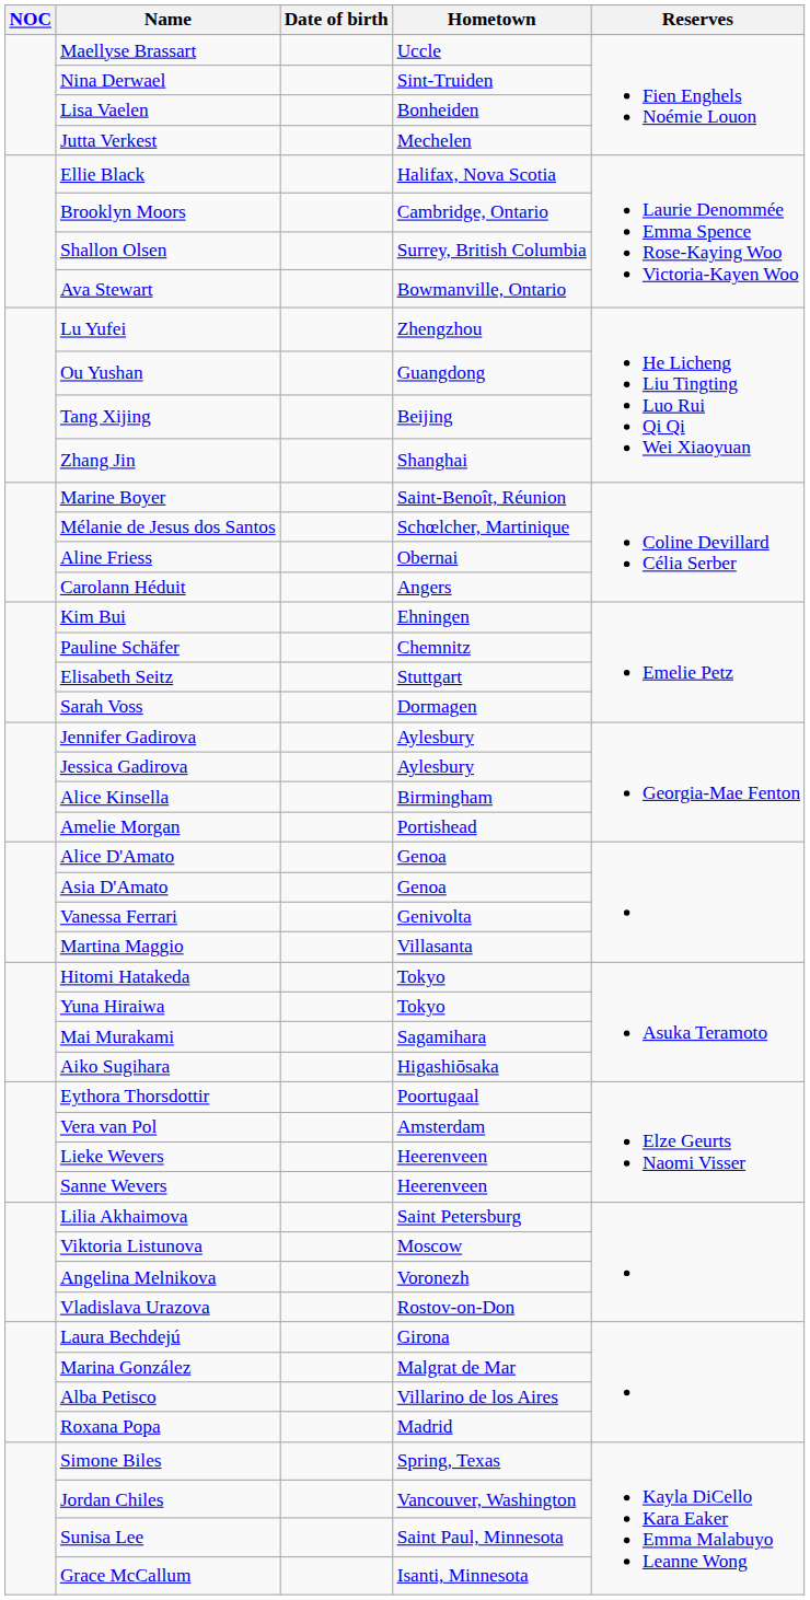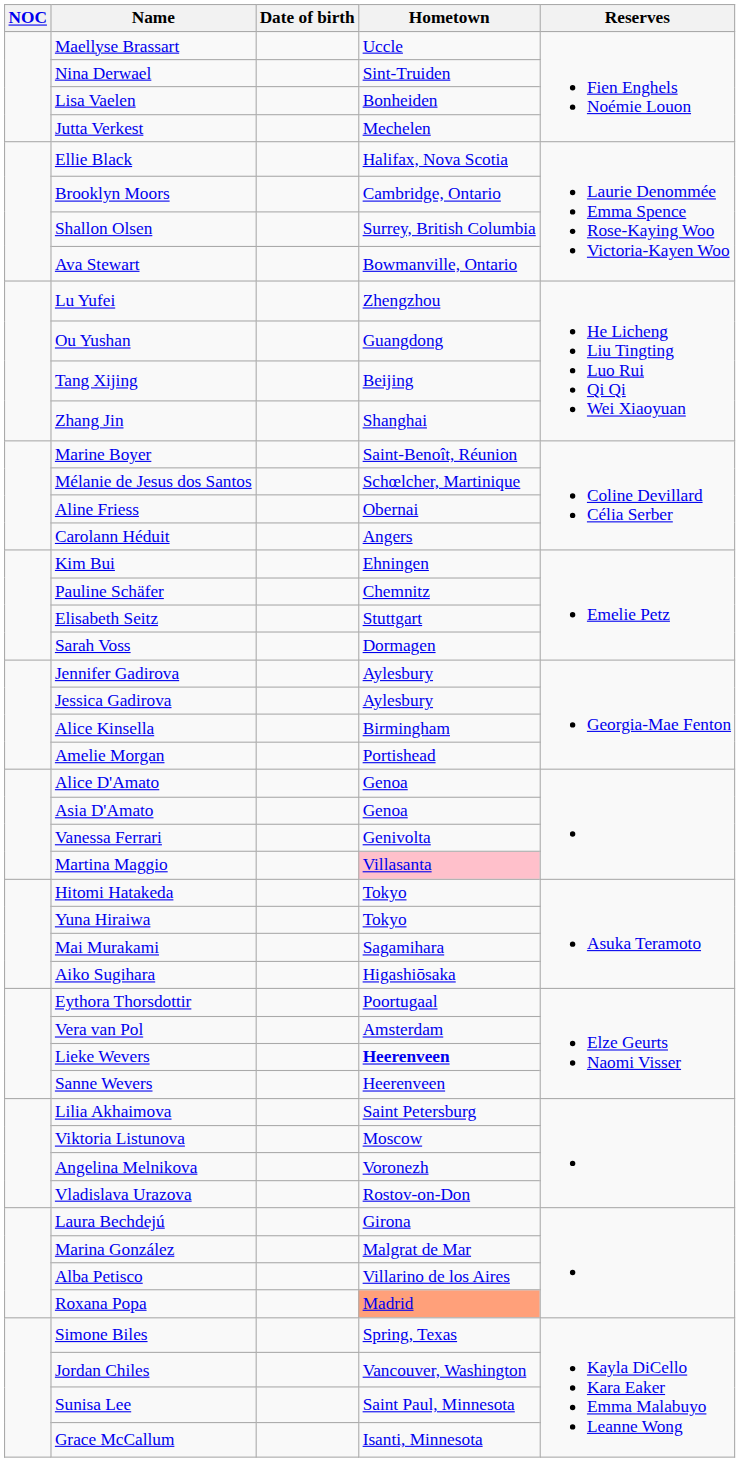 <table class="wikitable sortable">
 <tr>
 <th><a href='#'>NOC</a></th>
 <th>Name</th>
 <th>Date of birth</th>
 <th>Hometown</th>
 <th>Reserves</th>
 </tr>
 <tr>
 <td rowspan="4"></td>
 <td><a href='#'>Maellyse Brassart</a></td>
 <td></td>
 <td><a href='#'>Uccle</a></td>
 <td rowspan="4"><br><ul><li><a href='#'>Fien Enghels</a></li><li><a href='#'>Noémie Louon</a></li></ul></td>
 </tr>
 <tr>
 <td><a href='#'>Nina Derwael</a></td>
 <td></td>
 <td><a href='#'>Sint-Truiden</a></td>
 </tr>
 <tr>
 <td><a href='#'>Lisa Vaelen</a></td>
 <td></td>
 <td><a href='#'>Bonheiden</a></td>
 </tr>
 <tr>
 <td><a href='#'>Jutta Verkest</a></td>
 <td></td>
 <td><a href='#'>Mechelen</a></td>
 </tr>
 <tr>
 <td rowspan="4"></td>
 <td><a href='#'>Ellie Black</a></td>
 <td></td>
 <td><a href='#'>Halifax, Nova Scotia</a></td>
 <td rowspan="4"><br><ul><li><a href='#'>Laurie Denommée</a></li><li><a href='#'>Emma Spence</a></li><li><a href='#'>Rose-Kaying Woo</a></li><li><a href='#'>Victoria-Kayen Woo</a></li></ul></td>
 </tr>
 <tr>
 <td><a href='#'>Brooklyn Moors</a></td>
 <td></td>
 <td><a href='#'>Cambridge, Ontario</a></td>
 </tr>
 <tr>
 <td><a href='#'>Shallon Olsen</a></td>
 <td></td>
 <td><a href='#'>Surrey, British Columbia</a></td>
 </tr>
 <tr>
 <td><a href='#'>Ava Stewart</a></td>
 <td></td>
 <td><a href='#'>Bowmanville, Ontario</a></td>
 </tr>
 <tr>
 <td rowspan="4"></td>
 <td><a href='#'>Lu Yufei</a></td>
 <td></td>
 <td><a href='#'>Zhengzhou</a></td>
 <td rowspan="4"><br><ul><li><a href='#'>He Licheng</a></li><li><a href='#'>Liu Tingting</a></li><li><a href='#'>Luo Rui</a></li><li><a href='#'>Qi Qi</a></li><li><a href='#'>Wei Xiaoyuan</a></li></ul></td>
 </tr>
 <tr>
 <td><a href='#'>Ou Yushan</a></td>
 <td></td>
 <td><a href='#'>Guangdong</a></td>
 </tr>
 <tr>
 <td><a href='#'>Tang Xijing</a></td>
 <td></td>
 <td><a href='#'>Beijing</a></td>
 </tr>
 <tr>
 <td><a href='#'> Zhang Jin</a></td>
 <td></td>
 <td><a href='#'>Shanghai</a></td>
 </tr>
 <tr>
 <td rowspan="4"></td>
 <td><a href='#'>Marine Boyer</a></td>
 <td></td>
 <td><a href='#'>Saint-Benoît, Réunion</a></td>
 <td rowspan="4"><br><ul><li><a href='#'>Coline Devillard</a></li><li><a href='#'>Célia Serber</a></li></ul></td>
 </tr>
 <tr>
 <td><a href='#'>Mélanie de Jesus dos Santos</a></td>
 <td></td>
 <td><a href='#'>Schœlcher, Martinique</a></td>
 </tr>
 <tr>
 <td><a href='#'>Aline Friess</a></td>
 <td></td>
 <td><a href='#'>Obernai</a></td>
 </tr>
 <tr>
 <td><a href='#'>Carolann Héduit</a></td>
 <td></td>
 <td><a href='#'>Angers</a></td>
 </tr>
 <tr>
 <td rowspan="4"></td>
 <td><a href='#'>Kim Bui</a></td>
 <td></td>
 <td><a href='#'>Ehningen</a></td>
 <td rowspan="4"><br><ul><li><a href='#'>Emelie Petz</a></li></ul></td>
 </tr>
 <tr>
 <td><a href='#'>Pauline Schäfer</a></td>
 <td></td>
 <td><a href='#'>Chemnitz</a></td>
 </tr>
 <tr>
 <td><a href='#'>Elisabeth Seitz</a></td>
 <td></td>
 <td><a href='#'>Stuttgart</a></td>
 </tr>
 <tr>
 <td><a href='#'>Sarah Voss</a></td>
 <td></td>
 <td><a href='#'>Dormagen</a></td>
 </tr>
 <tr>
 <td rowspan="4"></td>
 <td><a href='#'>Jennifer Gadirova</a></td>
 <td></td>
 <td><a href='#'>Aylesbury</a></td>
 <td rowspan="4"><br><ul><li><a href='#'>Georgia-Mae Fenton</a></li></ul></td>
 </tr>
 <tr>
 <td><a href='#'>Jessica Gadirova</a></td>
 <td></td>
 <td><a href='#'>Aylesbury</a></td>
 </tr>
 <tr>
 <td><a href='#'>Alice Kinsella</a></td>
 <td></td>
 <td><a href='#'>Birmingham</a></td>
 </tr>
 <tr>
 <td><a href='#'>Amelie Morgan</a></td>
 <td></td>
 <td><a href='#'>Portishead</a></td>
 </tr>
 <tr>
 <td rowspan="4"></td>
 <td><a href='#'>Alice D'Amato</a></td>
 <td></td>
 <td><a href='#'>Genoa</a></td>
 <td rowspan="4"><br><ul><li></li></ul></td>
 </tr>
 <tr>
 <td><a href='#'>Asia D'Amato</a></td>
 <td></td>
 <td><a href='#'>Genoa</a></td>
 </tr>
 <tr>
 <td><a href='#'>Vanessa Ferrari</a></td>
 <td></td>
 <td><a href='#'>Genivolta</a></td>
 </tr>
 <tr>
 <td><a href='#'>Martina Maggio</a></td>
 <td></td>
-<td><a href='#'>Villasanta</a></td>
+<td style="background: pink;"><a href='#'>Villasanta</a></td>
 </tr>
 <tr>
 <td rowspan="4"></td>
 <td><a href='#'>Hitomi Hatakeda</a></td>
 <td></td>
 <td><a href='#'>Tokyo</a></td>
 <td rowspan="4"><br><ul><li><a href='#'>Asuka Teramoto</a></li></ul></td>
 </tr>
 <tr>
 <td><a href='#'>Yuna Hiraiwa</a></td>
 <td></td>
 <td><a href='#'>Tokyo</a></td>
 </tr>
 <tr>
 <td><a href='#'>Mai Murakami</a></td>
 <td></td>
 <td><a href='#'>Sagamihara</a></td>
 </tr>
 <tr>
 <td><a href='#'>Aiko Sugihara</a></td>
 <td></td>
 <td><a href='#'>Higashiōsaka</a></td>
 </tr>
 <tr>
 <td rowspan="4"></td>
 <td><a href='#'>Eythora Thorsdottir</a></td>
 <td></td>
 <td><a href='#'>Poortugaal</a></td>
 <td rowspan="4"><br><ul><li><a href='#'>Elze Geurts</a></li><li><a href='#'>Naomi Visser</a></li></ul></td>
 </tr>
 <tr>
 <td><a href='#'>Vera van Pol</a></td>
 <td></td>
 <td><a href='#'>Amsterdam</a></td>
 </tr>
 <tr>
 <td><a href='#'>Lieke Wevers</a></td>
 <td></td>
-<td><a href='#'>Heerenveen</a></td>
+<td><strong><a href='#'>Heerenveen</a></strong></td>
 </tr>
 <tr>
 <td><a href='#'>Sanne Wevers</a></td>
 <td></td>
 <td><a href='#'>Heerenveen</a></td>
 </tr>
 <tr>
 <td rowspan="4"></td>
 <td><a href='#'>Lilia Akhaimova</a></td>
 <td></td>
 <td><a href='#'>Saint Petersburg</a></td>
 <td rowspan="4"><br><ul><li></li></ul></td>
 </tr>
 <tr>
 <td><a href='#'>Viktoria Listunova</a></td>
 <td></td>
 <td><a href='#'>Moscow</a></td>
 </tr>
 <tr>
 <td><a href='#'>Angelina Melnikova</a></td>
 <td></td>
 <td><a href='#'>Voronezh</a></td>
 </tr>
 <tr>
 <td><a href='#'>Vladislava Urazova</a></td>
 <td></td>
 <td><a href='#'>Rostov-on-Don</a></td>
 </tr>
 <tr>
 <td rowspan="4"></td>
 <td><a href='#'>Laura Bechdejú</a></td>
 <td></td>
 <td><a href='#'>Girona</a></td>
 <td rowspan="4"><br><ul><li></li></ul></td>
 </tr>
 <tr>
 <td><a href='#'>Marina González</a></td>
 <td></td>
 <td><a href='#'>Malgrat de Mar</a></td>
 </tr>
 <tr>
 <td><a href='#'>Alba Petisco</a></td>
 <td></td>
 <td><a href='#'>Villarino de los Aires</a></td>
 </tr>
 <tr>
 <td><a href='#'>Roxana Popa</a></td>
 <td></td>
-<td><a href='#'>Madrid</a></td>
+<td style="background: lightsalmon;"><a href='#'>Madrid</a></td>
 </tr>
 <tr>
 <td rowspan="4"></td>
 <td><a href='#'>Simone Biles</a></td>
 <td></td>
 <td><a href='#'>Spring, Texas</a></td>
 <td rowspan="4"><br><ul><li><a href='#'>Kayla DiCello</a></li><li><a href='#'>Kara Eaker</a></li><li><a href='#'>Emma Malabuyo</a></li><li><a href='#'>Leanne Wong</a></li></ul></td>
 </tr>
 <tr>
 <td><a href='#'>Jordan Chiles</a></td>
 <td></td>
 <td><a href='#'>Vancouver, Washington</a></td>
 </tr>
 <tr>
 <td><a href='#'>Sunisa Lee</a></td>
 <td></td>
 <td><a href='#'>Saint Paul, Minnesota</a></td>
 </tr>
 <tr>
 <td><a href='#'>Grace McCallum</a></td>
 <td></td>
 <td><a href='#'>Isanti, Minnesota</a></td>
 </tr>
 </table>
